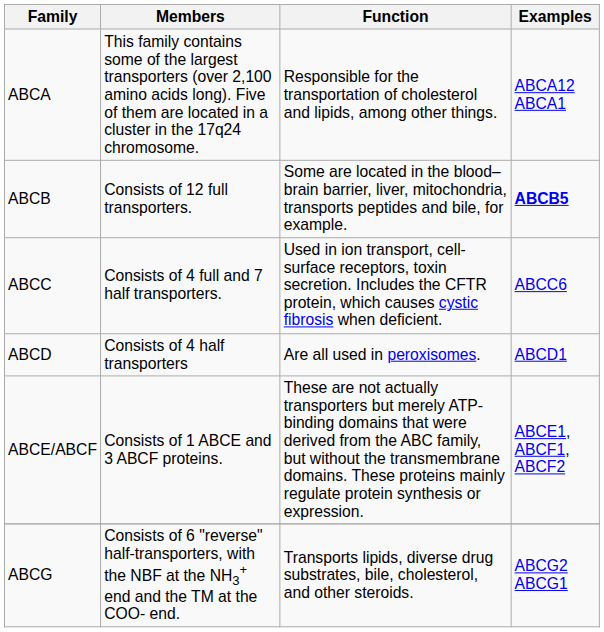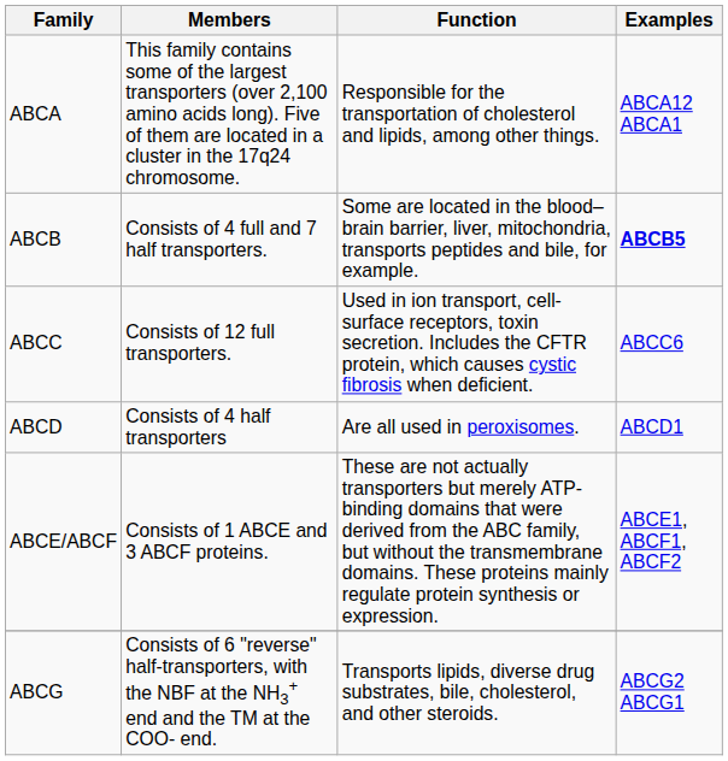 <table class="wikitable">
 <tr>
 <th>Family</th>
 <th>Members</th>
 <th>Function</th>
 <th>Examples</th>
 </tr>
 <tr>
 <td>ABCA</td>
 <td>This family contains some of the largest transporters (over 2,100 amino acids long). Five of them are located in a cluster in the 17q24 chromosome.</td>
 <td>Responsible for the transportation of cholesterol and lipids, among other things.</td>
 <td><a href='#'>ABCA12</a> <a href='#'>ABCA1</a></td>
 </tr>
 <tr>
 <td>ABCB</td>
-<td>Consists of 12 full transporters.</td>
+<td>Consists of 4 full and 7 half transporters.</td>
 <td>Some are located in the blood–brain barrier, liver, mitochondria, transports peptides and bile, for example.</td>
 <td><strong><a href='#'>ABCB5</a></strong></td>
 </tr>
 <tr>
 <td>ABCC</td>
-<td>Consists of 4 full and 7 half transporters.</td>
+<td>Consists of 12 full transporters.</td>
 <td>Used in ion transport, cell-surface receptors, toxin secretion.   Includes the CFTR protein, which causes <a href='#'>cystic fibrosis</a> when deficient.</td>
 <td><a href='#'>ABCC6</a></td>
 </tr>
 <tr>
 <td>ABCD</td>
 <td>Consists of 4 half transporters</td>
 <td>Are all used in <a href='#'>peroxisomes</a>.</td>
 <td><a href='#'>ABCD1</a></td>
 </tr>
 <tr>
 <td>ABCE/ABCF</td>
 <td>Consists of 1 ABCE and 3 ABCF proteins.</td>
 <td>These are not actually transporters but merely ATP-binding domains that were derived from the ABC family, but without the transmembrane domains. These proteins mainly regulate protein synthesis or expression.</td>
 <td><a href='#'>ABCE1</a>, <a href='#'>ABCF1</a>, <a href='#'>ABCF2</a></td>
 </tr>
 <tr>
 </tr>
 <tr>
 <td>ABCG</td>
 <td>Consists of 6 "reverse" half-transporters, with the NBF at the NH<sub>3</sub><sup>+</sup> end and the TM at the COO- end.</td>
 <td>Transports lipids, diverse drug substrates, bile, cholesterol, and other steroids.</td>
 <td><a href='#'>ABCG2</a> <a href='#'>ABCG1</a></td>
 </tr>
 </table>
